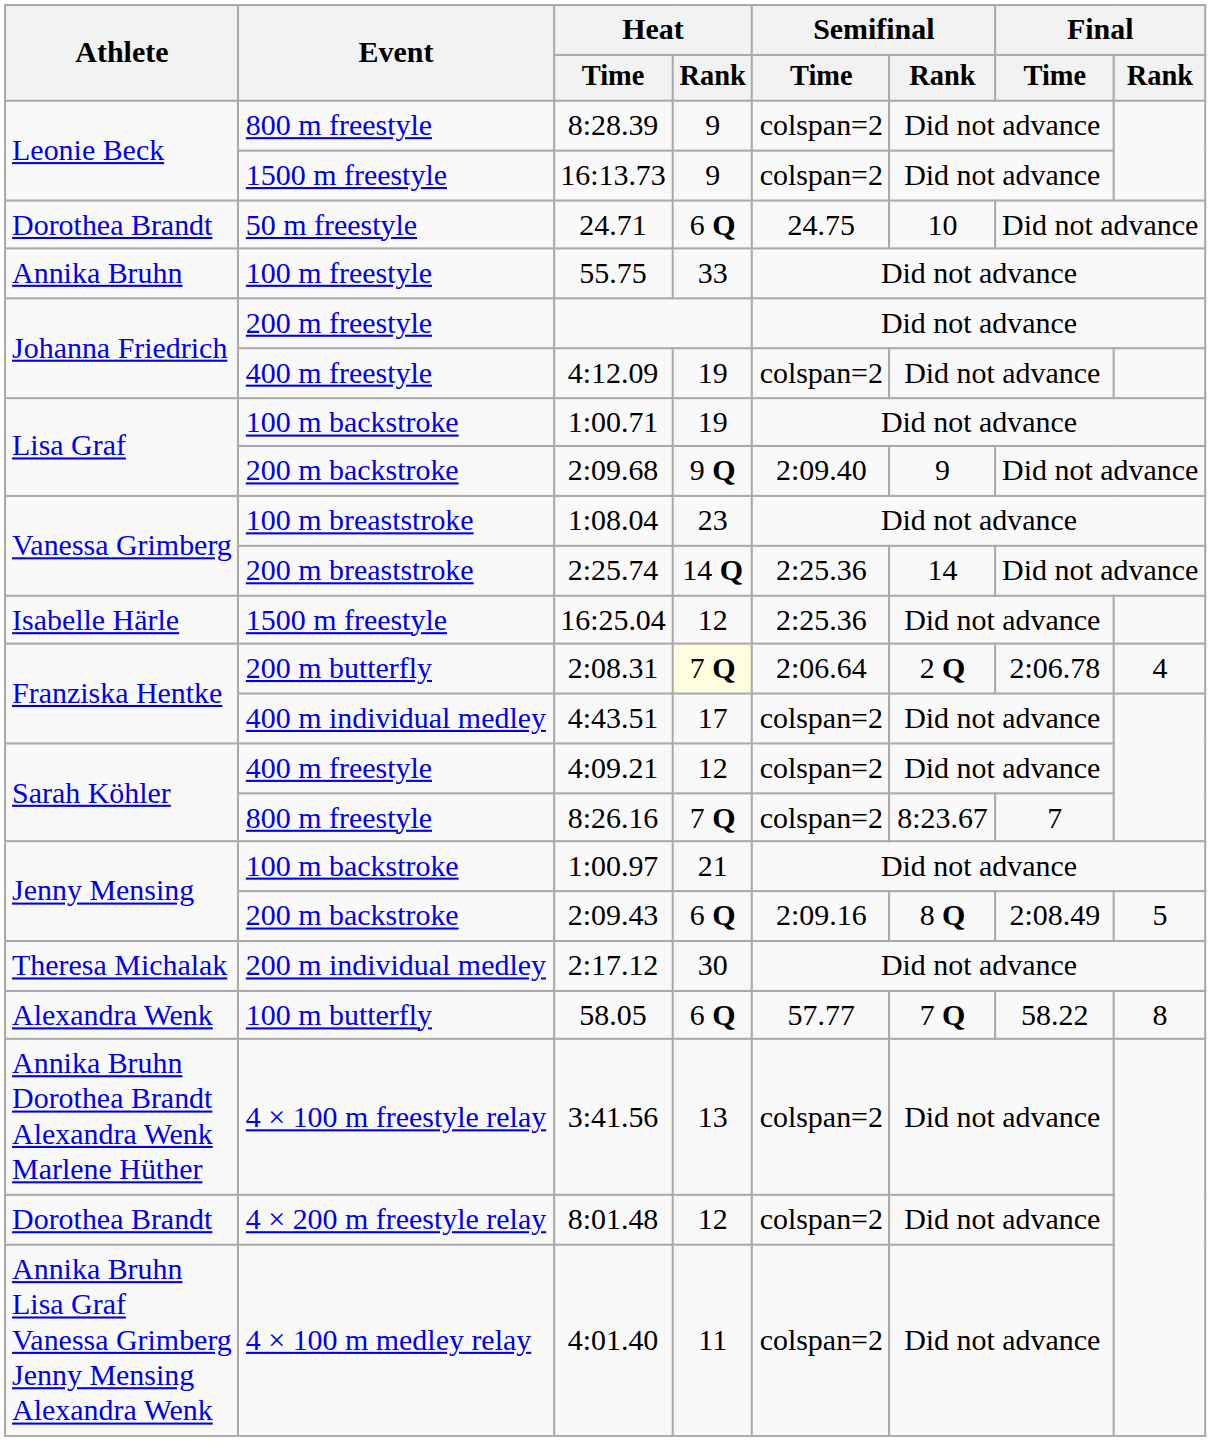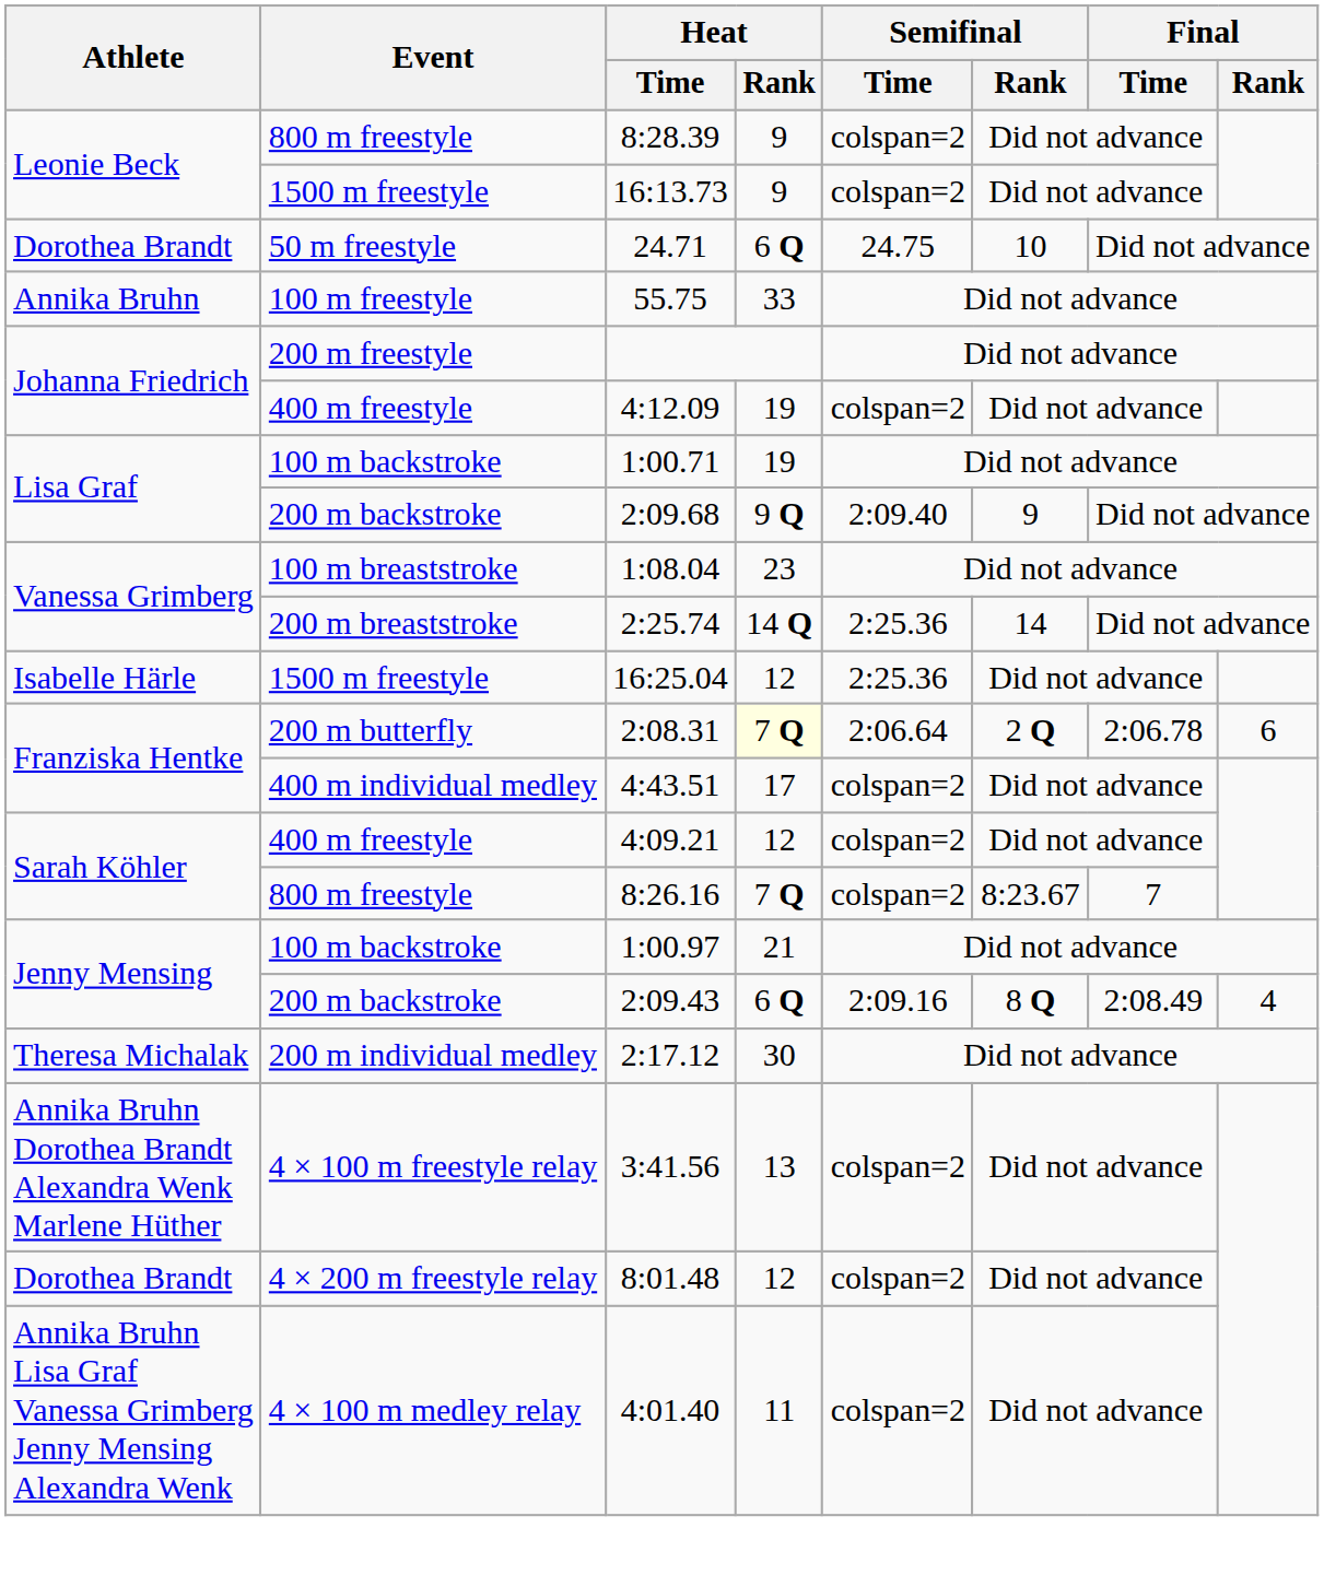 <table class=wikitable style="font-size:90%">
 <tr>
 <th rowspan="2">Athlete</th>
 <th rowspan="2">Event</th>
 <th colspan="2">Heat</th>
 <th colspan="2">Semifinal</th>
 <th colspan="2">Final</th>
 </tr>
 <tr style="font-size:95%">
 <th>Time</th>
 <th>Rank</th>
 <th>Time</th>
 <th>Rank</th>
 <th>Time</th>
 <th>Rank</th>
 </tr>
 <tr align=center>
 <td align=left rowspan=2><a href='#'>Leonie Beck</a></td>
 <td align=left><a href='#'>800 m freestyle</a></td>
 <td>8:28.39</td>
 <td>9</td>
 <td>colspan=2 </td>
 <td colspan=2>Did not advance</td>
 </tr>
 <tr align=center>
 <td align=left><a href='#'>1500 m freestyle</a></td>
 <td>16:13.73</td>
 <td>9</td>
 <td>colspan=2 </td>
 <td colspan=2>Did not advance</td>
 </tr>
 <tr align=center>
 <td align=left><a href='#'>Dorothea Brandt</a></td>
 <td align=left><a href='#'>50 m freestyle</a></td>
 <td>24.71</td>
 <td>6 <strong>Q</strong></td>
 <td>24.75</td>
 <td>10</td>
 <td colspan=2>Did not advance</td>
 </tr>
 <tr align=center>
 <td align=left><a href='#'>Annika Bruhn</a></td>
 <td align=left><a href='#'>100 m freestyle</a></td>
 <td>55.75</td>
 <td>33</td>
 <td colspan=4>Did not advance</td>
 </tr>
 <tr align=center>
 <td align=left rowspan=2><a href='#'>Johanna Friedrich</a></td>
 <td align=left><a href='#'>200 m freestyle</a></td>
 <td colspan=2></td>
 <td colspan=4>Did not advance</td>
 </tr>
 <tr align=center>
 <td align=left><a href='#'>400 m freestyle</a></td>
 <td>4:12.09</td>
 <td>19</td>
 <td>colspan=2 </td>
 <td colspan=2>Did not advance</td>
 </tr>
 <tr align=center>
 <td align=left rowspan=2><a href='#'>Lisa Graf</a></td>
 <td align=left><a href='#'>100 m backstroke</a></td>
 <td>1:00.71</td>
 <td>19</td>
 <td colspan=4>Did not advance</td>
 </tr>
 <tr align=center>
 <td align=left><a href='#'>200 m backstroke</a></td>
 <td>2:09.68</td>
 <td>9 <strong>Q</strong></td>
 <td>2:09.40</td>
 <td>9</td>
 <td colspan=2>Did not advance</td>
 </tr>
 <tr align=center>
 <td align=left rowspan=2><a href='#'>Vanessa Grimberg</a></td>
 <td align=left><a href='#'>100 m breaststroke</a></td>
 <td>1:08.04</td>
 <td>23</td>
 <td colspan=4>Did not advance</td>
 </tr>
 <tr align=center>
 <td align=left><a href='#'>200 m breaststroke</a></td>
 <td>2:25.74</td>
 <td>14 <strong>Q</strong></td>
 <td>2:25.36</td>
 <td>14</td>
 <td colspan=2>Did not advance</td>
 </tr>
 <tr align=center>
 <td align=left><a href='#'>Isabelle Härle</a></td>
 <td align=left><a href='#'>1500 m freestyle</a></td>
 <td>16:25.04</td>
 <td>12</td>
 <td>2:25.36</td>
 <td colspan=2>Did not advance</td>
 </tr>
 <tr align=center>
 <td align=left rowspan=2><a href='#'>Franziska Hentke</a></td>
 <td align=left><a href='#'>200 m butterfly</a></td>
 <td>2:08.31</td>
 <td style="background: lightyellow;">7 <strong>Q</strong></td>
 <td>2:06.64</td>
 <td>2 <strong>Q</strong></td>
 <td>2:06.78</td>
-<td>4</td>
+<td>6</td>
 </tr>
 <tr align=center>
 <td align=left><a href='#'>400 m individual medley</a></td>
 <td>4:43.51</td>
 <td>17</td>
 <td>colspan=2 </td>
 <td colspan=2>Did not advance</td>
 </tr>
 <tr align=center>
 <td align=left rowspan=2><a href='#'>Sarah Köhler</a></td>
 <td align=left><a href='#'>400 m freestyle</a></td>
 <td>4:09.21</td>
 <td>12</td>
 <td>colspan=2 </td>
 <td colspan=2>Did not advance</td>
 </tr>
 <tr align=center>
 <td align=left><a href='#'>800 m freestyle</a></td>
 <td>8:26.16</td>
 <td>7 <strong>Q</strong></td>
 <td>colspan=2 </td>
 <td>8:23.67</td>
 <td>7</td>
 </tr>
 <tr align=center>
 <td align=left rowspan=2><a href='#'>Jenny Mensing</a></td>
 <td align=left><a href='#'>100 m backstroke</a></td>
 <td>1:00.97</td>
 <td>21</td>
 <td colspan=4>Did not advance</td>
 </tr>
 <tr align=center>
 <td align=left><a href='#'>200 m backstroke</a></td>
 <td>2:09.43</td>
 <td>6 <strong>Q</strong></td>
 <td>2:09.16</td>
 <td>8 <strong>Q</strong></td>
 <td>2:08.49</td>
-<td>5</td>
+<td>4</td>
 </tr>
 <tr align=center>
 <td align=left><a href='#'>Theresa Michalak</a></td>
 <td align=left><a href='#'>200 m individual medley</a></td>
 <td>2:17.12</td>
 <td>30</td>
 <td colspan=4>Did not advance</td>
-</tr>
-<tr align=center>
-<td align=left><a href='#'>Alexandra Wenk</a></td>
-<td align=left><a href='#'>100 m butterfly</a></td>
-<td>58.05</td>
-<td>6 <strong>Q</strong></td>
-<td>57.77</td>
-<td>7 <strong>Q</strong></td>
-<td>58.22</td>
-<td>8</td>
 </tr>
 <tr align=center>
 <td align=left><a href='#'>Annika Bruhn</a><br><a href='#'>Dorothea Brandt</a><br><a href='#'>Alexandra Wenk</a><br><a href='#'>Marlene Hüther</a></td>
 <td align=left><a href='#'>4 × 100 m freestyle relay</a></td>
 <td>3:41.56</td>
 <td>13</td>
 <td>colspan=2 </td>
 <td colspan=2>Did not advance</td>
 </tr>
 <tr align=center>
 <td align=left><a href='#'>Dorothea Brandt</a></td>
 <td align=left><a href='#'>4 × 200 m freestyle relay</a></td>
 <td>8:01.48</td>
 <td>12</td>
 <td>colspan=2 </td>
 <td colspan=2>Did not advance</td>
 </tr>
 <tr align=center>
 <td align=left><a href='#'>Annika Bruhn</a><br><a href='#'>Lisa Graf</a><br><a href='#'>Vanessa Grimberg</a><br><a href='#'>Jenny Mensing</a><br><a href='#'>Alexandra Wenk</a></td>
 <td align=left><a href='#'>4 × 100 m medley relay</a></td>
 <td>4:01.40</td>
 <td>11</td>
 <td>colspan=2 </td>
 <td colspan=2>Did not advance</td>
 </tr>
 </table>
